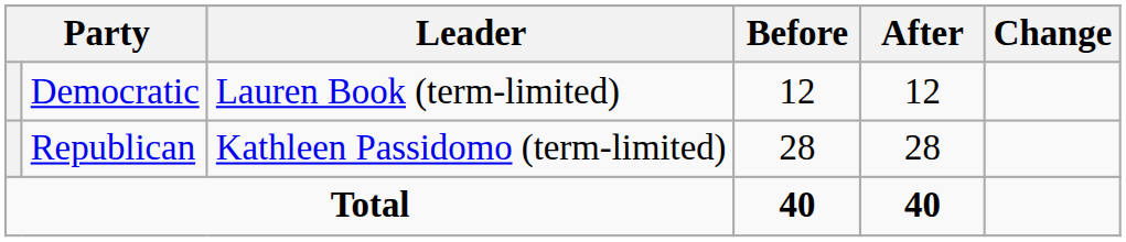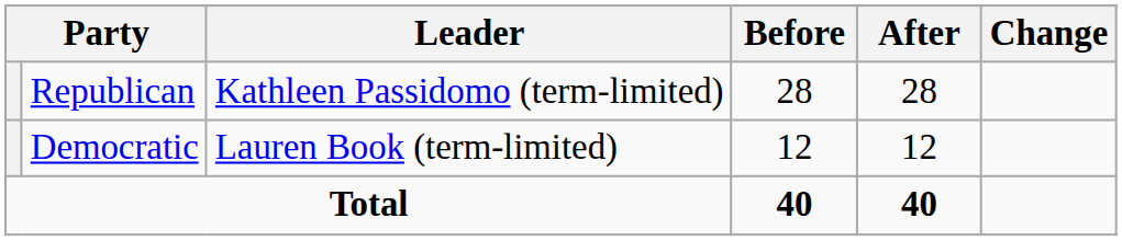 <table class="wikitable" style="text-align:center;">
 <tr>
 </tr>
 <tr>
 <th colspan="2">Party</th>
 <th>Leader</th>
 <th style="width:3em">Before</th>
 <th style="width:3em">After</th>
 <th style="width:3em">Change</th>
 </tr>
 <tr>
 <th style="background-color:"></th>
+<td style="text-align:left;"><a href='#'>Republican</a></td>
+<td style="text-align:left;"><a href='#'>Kathleen Passidomo</a> (term-limited)</td>
+<td>28</td>
+<td>28</td>
+<td></td>
+</tr>
+<tr>
+<th style="background-color:"></th>
 <td style="text-align:left;"><a href='#'>Democratic</a></td>
 <td style="text-align:left;"><a href='#'>Lauren Book</a> (term-limited)</td>
 <td>12</td>
 <td>12</td>
-<td></td>
-</tr>
-<tr>
-<th style="background-color:"></th>
-<td style="text-align:left;"><a href='#'>Republican</a></td>
-<td style="text-align:left;"><a href='#'>Kathleen Passidomo</a> (term-limited)</td>
-<td>28</td>
-<td>28</td>
 <td></td>
 </tr>
 <tr>
 <td colspan="3"><strong>Total</strong></td>
 <td><strong>40</strong></td>
 <td><strong>40</strong></td>
 <td></td>
 </tr>
 </table>
